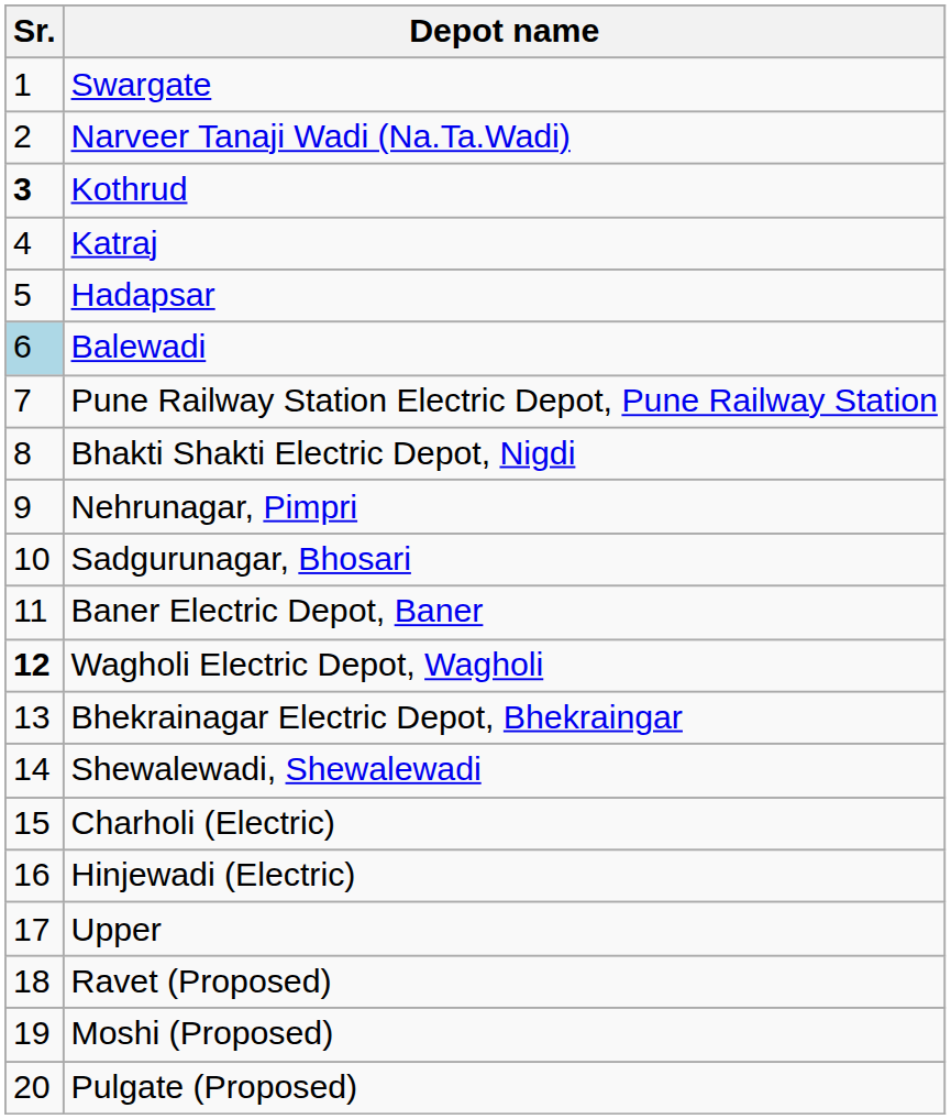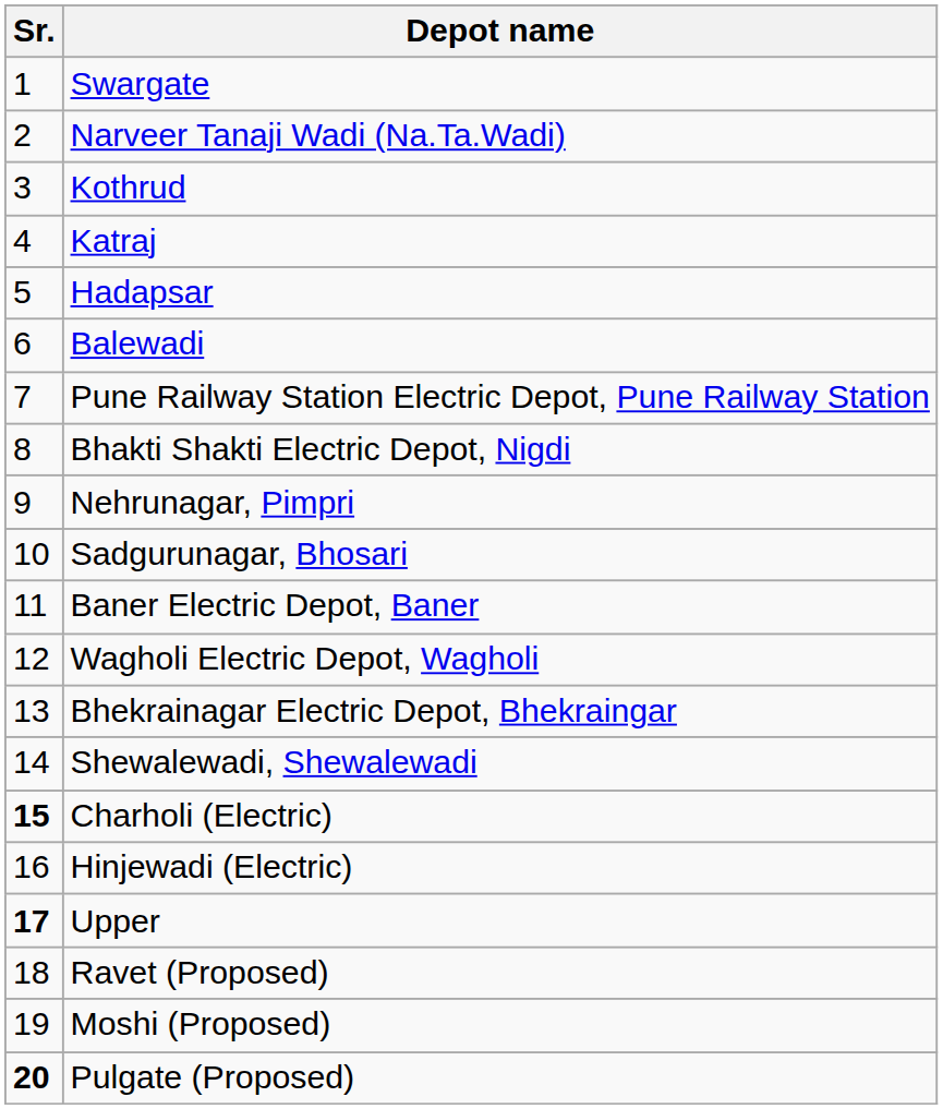 <table class="wikitable">
 <tr>
 <th>Sr.</th>
 <th>Depot name</th>
 </tr>
 <tr>
 <td>1</td>
 <td><a href='#'>Swargate</a></td>
 </tr>
 <tr>
 <td>2</td>
 <td><a href='#'>Narveer Tanaji Wadi (Na.Ta.Wadi)</a></td>
 </tr>
 <tr>
-<td><strong>3</strong></td>
+<td>3</td>
 <td><a href='#'>Kothrud</a></td>
 </tr>
 <tr>
 <td>4</td>
 <td><a href='#'>Katraj</a></td>
 </tr>
 <tr>
 <td>5</td>
 <td><a href='#'>Hadapsar</a></td>
 </tr>
 <tr>
-<td style="background: lightblue;">6</td>
+<td>6</td>
 <td><a href='#'>Balewadi</a></td>
 </tr>
 <tr>
 <td>7</td>
 <td>Pune Railway Station Electric Depot, <a href='#'>Pune Railway Station</a></td>
 </tr>
 <tr>
 <td>8</td>
 <td>Bhakti Shakti Electric Depot, <a href='#'>Nigdi</a></td>
 </tr>
 <tr>
 <td>9</td>
 <td>Nehrunagar, <a href='#'>Pimpri</a></td>
 </tr>
 <tr>
 <td>10</td>
 <td>Sadgurunagar, <a href='#'>Bhosari</a></td>
 </tr>
 <tr>
 <td>11</td>
 <td>Baner Electric Depot, <a href='#'>Baner</a></td>
 </tr>
 <tr>
-<td><strong>12</strong></td>
+<td>12</td>
 <td>Wagholi Electric Depot, <a href='#'>Wagholi</a></td>
 </tr>
 <tr>
 <td>13</td>
 <td>Bhekrainagar Electric Depot, <a href='#'>Bhekraingar</a></td>
 </tr>
 <tr>
 <td>14</td>
 <td>Shewalewadi, <a href='#'>Shewalewadi</a></td>
 </tr>
 <tr>
-<td>15</td>
+<td><strong>15</strong></td>
 <td>Charholi (Electric)</td>
 </tr>
 <tr>
 <td>16</td>
 <td>Hinjewadi (Electric)</td>
 </tr>
 <tr>
-<td>17</td>
+<td><strong>17</strong></td>
 <td>Upper</td>
 </tr>
 <tr>
 <td>18</td>
 <td>Ravet (Proposed)</td>
 </tr>
 <tr>
 <td>19</td>
 <td>Moshi (Proposed)</td>
 </tr>
 <tr>
-<td>20</td>
+<td><strong>20</strong></td>
 <td>Pulgate (Proposed)</td>
 </tr>
 </table>
